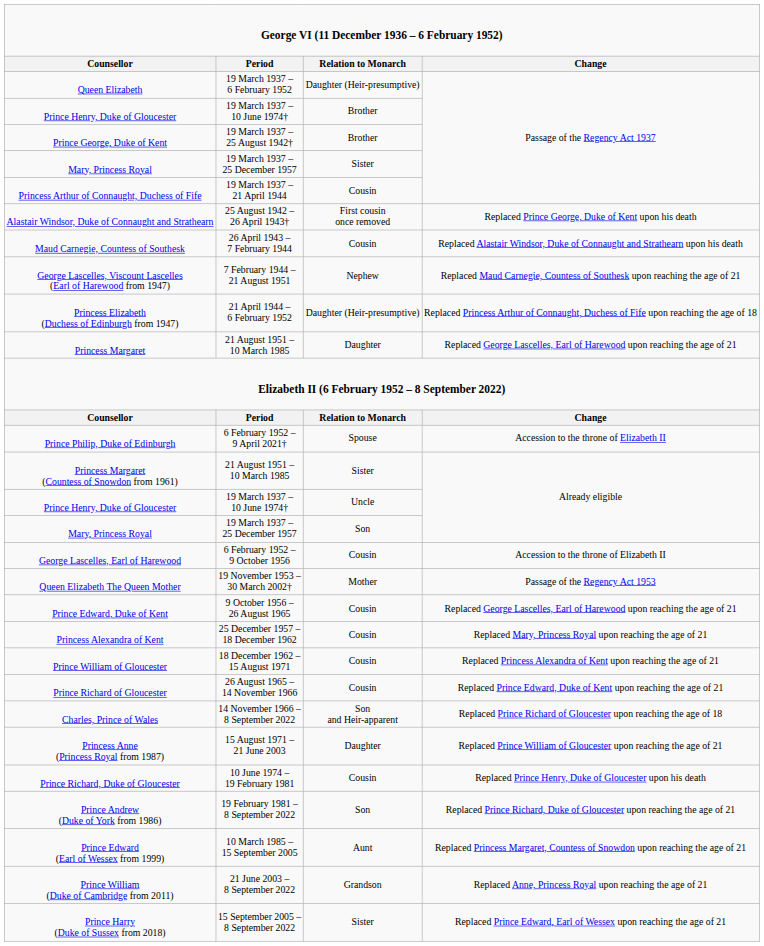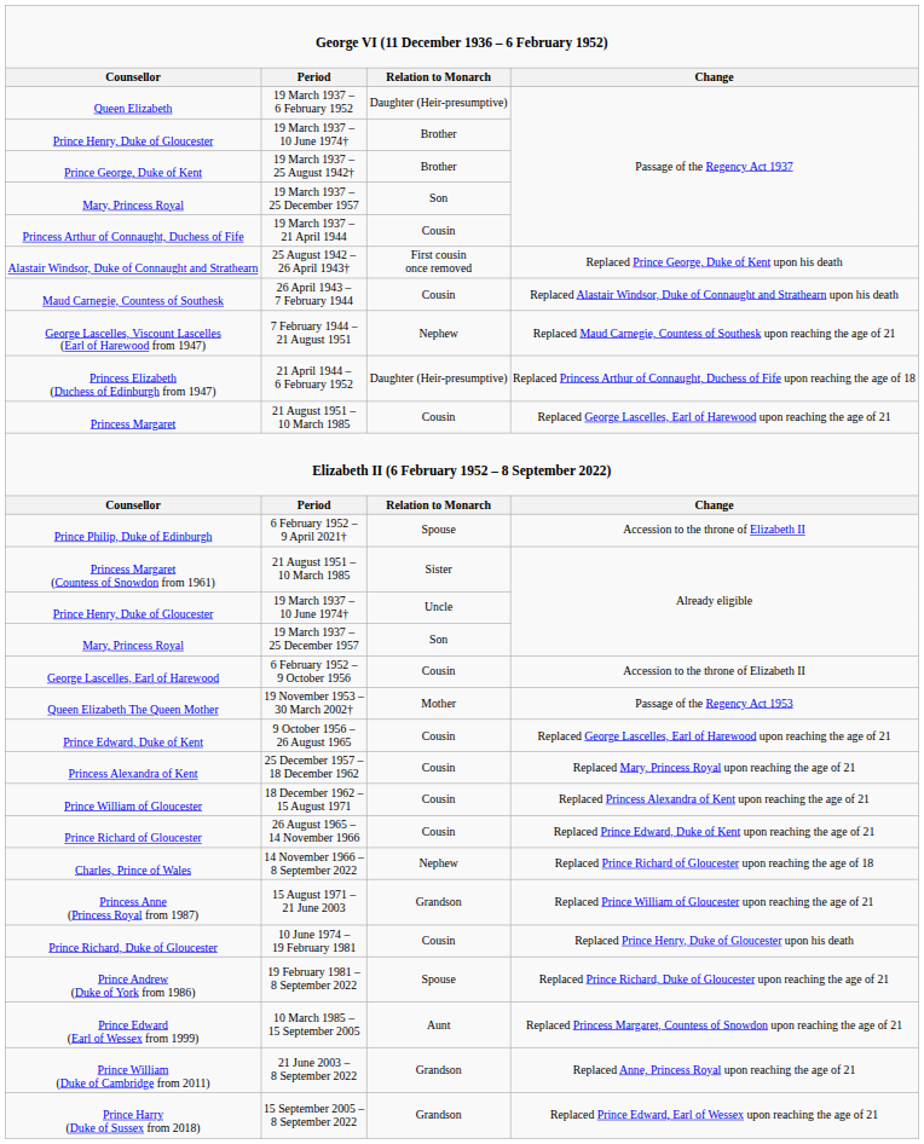 <table class="wikitable" style="clear:right; text-align:center">
 <tr>
 <td colspan=5><br><h3>George VI (11 December 1936 – 6 February 1952)</h3></td>
 </tr>
 <tr>
 <th>Counsellor</th>
 <th>Period</th>
 <th>Relation to Monarch</th>
 <th>Change</th>
 </tr>
 <tr>
 <td><br><a href='#'>Queen Elizabeth</a></td>
 <td>19 March 1937 –<br>6 February 1952</td>
 <td>Daughter (Heir-presumptive)</td>
 <td rowspan=5>Passage of the <a href='#'>Regency Act 1937</a></td>
 </tr>
 <tr>
 <td><br><a href='#'>Prince Henry, Duke of Gloucester</a></td>
 <td>19 March 1937 –<br>10 June 1974†</td>
 <td>Brother</td>
 </tr>
 <tr>
 <td><br><a href='#'>Prince George, Duke of Kent</a></td>
 <td>19 March 1937 –<br>25 August 1942†</td>
 <td>Brother</td>
 </tr>
 <tr>
 <td><br><a href='#'>Mary, Princess Royal</a></td>
 <td>19 March 1937 –<br>25 December 1957</td>
-<td>Sister</td>
+<td>Son</td>
 </tr>
 <tr>
 <td><br><a href='#'>Princess Arthur of Connaught, Duchess of Fife</a></td>
 <td>19 March 1937 –<br>21 April 1944</td>
 <td>Cousin</td>
 </tr>
 <tr>
 <td><br><a href='#'>Alastair Windsor, Duke of Connaught and Strathearn</a><br></td>
 <td>25 August 1942 –<br>26 April 1943†</td>
 <td>First cousin<br>once removed</td>
 <td>Replaced <a href='#'>Prince George, Duke of Kent</a> upon his death</td>
 </tr>
 <tr>
 <td><br><a href='#'>Maud Carnegie, Countess of Southesk</a></td>
 <td>26 April 1943 –<br>7 February 1944</td>
 <td>Cousin</td>
 <td>Replaced <a href='#'>Alastair Windsor, Duke of Connaught and Strathearn</a> upon his death</td>
 </tr>
 <tr>
 <td><br><a href='#'>George Lascelles, Viscount Lascelles</a><br>(<a href='#'>Earl of Harewood</a> from 1947)</td>
 <td>7 February 1944 –<br>21 August 1951</td>
 <td>Nephew</td>
 <td>Replaced <a href='#'>Maud Carnegie, Countess of Southesk</a> upon reaching the age of 21</td>
 </tr>
 <tr>
 <td><br><a href='#'>Princess Elizabeth</a><br>(<a href='#'>Duchess of Edinburgh</a> from 1947)</td>
 <td>21 April 1944 –<br>6 February 1952</td>
 <td>Daughter (Heir-presumptive)</td>
 <td>Replaced <a href='#'>Princess Arthur of Connaught, Duchess of Fife</a> upon reaching the age of 18</td>
 </tr>
 <tr>
 <td><br><a href='#'>Princess Margaret</a></td>
 <td>21 August 1951 –<br>10 March 1985</td>
-<td>Daughter</td>
+<td>Cousin</td>
 <td>Replaced <a href='#'>George Lascelles, Earl of Harewood</a> upon reaching the age of 21</td>
 </tr>
 <tr>
 <td colspan=5><br><h3>Elizabeth II (6 February 1952 – 8 September 2022)</h3></td>
 </tr>
 <tr>
 <th>Counsellor</th>
 <th>Period</th>
 <th>Relation to Monarch</th>
 <th>Change</th>
 </tr>
 <tr>
 <td><br><a href='#'>Prince Philip, Duke of Edinburgh</a></td>
 <td>6 February 1952 –<br>9 April 2021†</td>
 <td>Spouse</td>
 <td>Accession to the throne of <a href='#'>Elizabeth II</a></td>
 </tr>
 <tr>
 <td><br><a href='#'>Princess Margaret</a><br>(<a href='#'>Countess of Snowdon</a> from 1961)</td>
 <td>21 August 1951 –<br>10 March 1985</td>
 <td>Sister</td>
 <td rowspan=3>Already eligible</td>
 </tr>
 <tr>
 <td><br><a href='#'>Prince Henry, Duke of Gloucester</a></td>
 <td>19 March 1937 –<br>10 June 1974†</td>
 <td>Uncle</td>
 </tr>
 <tr>
 <td><br><a href='#'>Mary, Princess Royal</a></td>
 <td>19 March 1937 –<br>25 December 1957</td>
 <td>Son</td>
 </tr>
 <tr>
 <td><br><a href='#'>George Lascelles, Earl of Harewood</a></td>
 <td>6 February 1952 –<br>9 October 1956</td>
 <td>Cousin</td>
 <td>Accession to the throne of Elizabeth II</td>
 </tr>
 <tr>
 <td><br><a href='#'>Queen Elizabeth The Queen Mother</a></td>
 <td>19 November 1953 –<br>30 March 2002†</td>
 <td>Mother</td>
 <td>Passage of the <a href='#'>Regency Act 1953</a></td>
 </tr>
 <tr>
 <td><br><a href='#'>Prince Edward, Duke of Kent</a></td>
 <td>9 October 1956 –<br>26 August 1965</td>
 <td>Cousin</td>
 <td>Replaced <a href='#'>George Lascelles, Earl of Harewood</a> upon reaching the age of 21</td>
 </tr>
 <tr>
 <td><br><a href='#'>Princess Alexandra of Kent</a></td>
 <td>25 December 1957 –<br>18 December 1962</td>
 <td>Cousin</td>
 <td>Replaced <a href='#'>Mary, Princess Royal</a> upon reaching the age of 21</td>
 </tr>
 <tr>
 <td><br><a href='#'>Prince William of Gloucester</a></td>
 <td>18 December 1962 –<br>15 August 1971</td>
 <td>Cousin</td>
 <td>Replaced <a href='#'>Princess Alexandra of Kent</a> upon reaching the age of 21</td>
 </tr>
 <tr>
 <td><br><a href='#'>Prince Richard of Gloucester</a></td>
 <td>26 August 1965 –<br>14 November 1966</td>
 <td>Cousin</td>
 <td>Replaced <a href='#'>Prince Edward, Duke of Kent</a> upon reaching the age of 21</td>
 </tr>
 <tr>
 <td><br><a href='#'>Charles, Prince of Wales</a></td>
 <td>14 November 1966 –<br>8 September 2022</td>
-<td>Son<br>and Heir-apparent</td>
+<td>Nephew</td>
 <td>Replaced <a href='#'>Prince Richard of Gloucester</a> upon reaching the age of 18</td>
 </tr>
 <tr>
 <td><br><a href='#'>Princess Anne</a><br>(<a href='#'>Princess Royal</a> from 1987)</td>
 <td>15 August 1971 –<br>21 June 2003</td>
-<td>Daughter</td>
+<td>Grandson</td>
 <td>Replaced <a href='#'>Prince William of Gloucester</a> upon reaching the age of 21</td>
 </tr>
 <tr>
 <td><br><a href='#'>Prince Richard, Duke of Gloucester</a></td>
 <td>10 June 1974 –<br>19 February 1981</td>
 <td>Cousin</td>
 <td>Replaced <a href='#'>Prince Henry, Duke of Gloucester</a> upon his death</td>
 </tr>
 <tr>
 <td><br><a href='#'>Prince Andrew</a><br>(<a href='#'>Duke of York</a> from 1986)</td>
 <td>19 February 1981 –<br>8 September 2022</td>
-<td>Son</td>
+<td>Spouse</td>
 <td>Replaced <a href='#'>Prince Richard, Duke of Gloucester</a> upon reaching the age of 21</td>
 </tr>
 <tr>
 <td><br><a href='#'>Prince Edward</a><br>(<a href='#'>Earl of Wessex</a> from 1999)</td>
 <td>10 March 1985 –<br>15 September 2005</td>
 <td>Aunt</td>
 <td>Replaced <a href='#'>Princess Margaret, Countess of Snowdon</a> upon reaching the age of 21</td>
 </tr>
 <tr>
 <td><br><a href='#'>Prince William</a><br>(<a href='#'>Duke of Cambridge</a> from 2011)</td>
 <td>21 June 2003 –<br>8 September 2022</td>
 <td>Grandson</td>
 <td>Replaced <a href='#'>Anne, Princess Royal</a> upon reaching the age of 21</td>
 </tr>
 <tr>
 <td><br><a href='#'>Prince Harry</a><br>(<a href='#'>Duke of Sussex</a> from 2018)</td>
 <td>15 September 2005 –<br>8 September 2022</td>
-<td>Sister</td>
+<td>Grandson</td>
 <td>Replaced <a href='#'>Prince Edward, Earl of Wessex</a> upon reaching the age of 21</td>
 </tr>
 </table>
